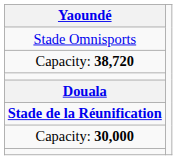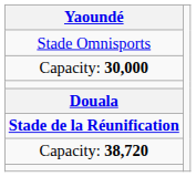 <table class="wikitable" style="text-align:center">
 <tr>
 <th><a href='#'>Yaoundé</a></th>
 <td rowspan="8"></td>
 </tr>
 <tr>
 <td><a href='#'>Stade Omnisports</a></td>
 </tr>
 <tr>
-<td>Capacity: <strong>38,720</strong></td>
+<td>Capacity: <strong>30,000</strong></td>
 </tr>
 <tr>
 <td></td>
 </tr>
 <tr>
 <th><a href='#'>Douala</a></th>
 </tr>
 <tr>
 <td><strong><a href='#'>Stade de la Réunification</a></strong></td>
 </tr>
 <tr>
-<td>Capacity: <strong>30,000</strong></td>
+<td>Capacity: <strong>38,720</strong></td>
 </tr>
 <tr>
 <td></td>
 </tr>
 </table>
